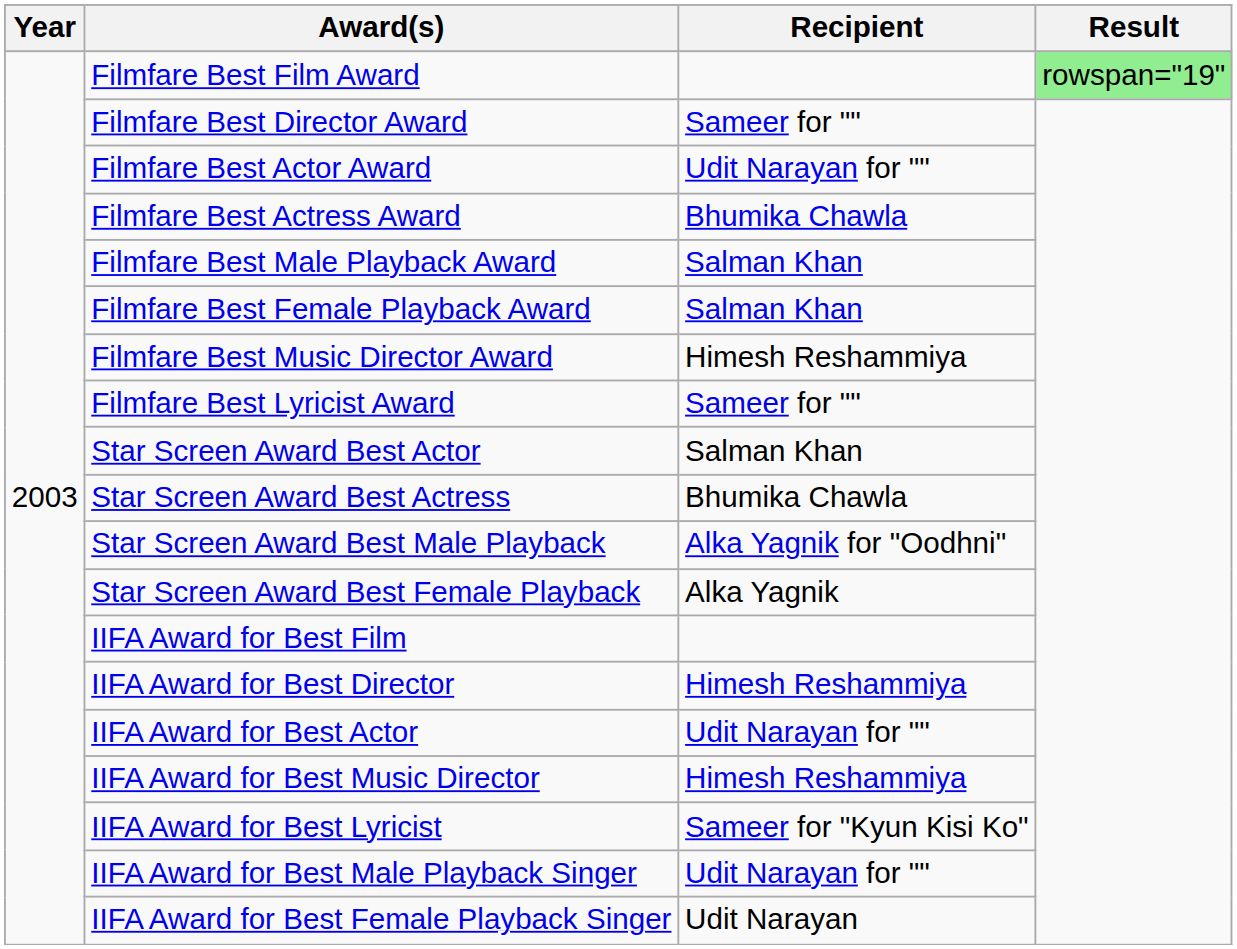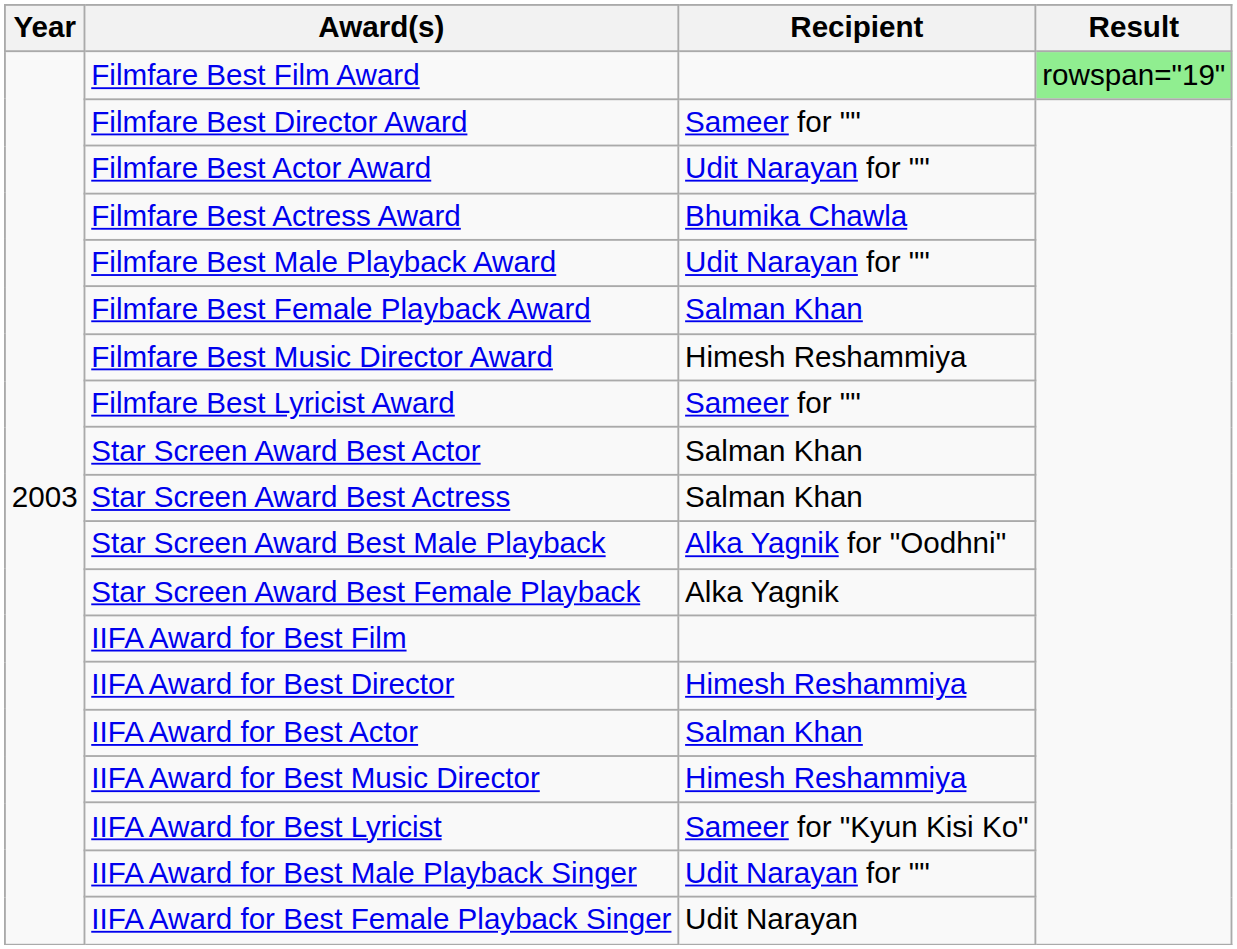 <table class="wikitable sortable">
 <tr>
 <th>Year</th>
 <th>Award(s)</th>
 <th>Recipient</th>
 <th>Result</th>
 </tr>
 <tr>
 <td rowspan=19>2003</td>
 <td><a href='#'>Filmfare Best Film Award</a></td>
 <td></td>
 <td style="background: lightgreen;">rowspan="19"</td>
 </tr>
 <tr>
 <td><a href='#'>Filmfare Best Director Award</a></td>
 <td><a href='#'>Sameer</a> for ""</td>
 </tr>
 <tr>
 <td><a href='#'>Filmfare Best Actor Award</a></td>
 <td><a href='#'>Udit Narayan</a> for ""</td>
 </tr>
 <tr>
 <td><a href='#'>Filmfare Best Actress Award</a></td>
 <td><a href='#'>Bhumika Chawla</a></td>
 </tr>
 <tr>
 <td><a href='#'>Filmfare Best Male Playback Award</a></td>
-<td><a href='#'>Salman Khan</a></td>
+<td><a href='#'>Udit Narayan</a> for ""</td>
 </tr>
 <tr>
 <td><a href='#'>Filmfare Best Female Playback Award</a></td>
 <td><a href='#'>Salman Khan</a></td>
 </tr>
 <tr>
 <td><a href='#'>Filmfare Best Music Director Award</a></td>
 <td>Himesh Reshammiya</td>
 </tr>
 <tr>
 <td><a href='#'>Filmfare Best Lyricist Award</a></td>
 <td><a href='#'>Sameer</a> for ""</td>
 </tr>
 <tr>
 <td><a href='#'>Star Screen Award Best Actor</a></td>
 <td>Salman Khan</td>
 </tr>
 <tr>
 <td><a href='#'>Star Screen Award Best Actress</a></td>
-<td>Bhumika Chawla</td>
+<td>Salman Khan</td>
 </tr>
 <tr>
 <td><a href='#'>Star Screen Award Best Male Playback</a></td>
 <td><a href='#'>Alka Yagnik</a> for "Oodhni"</td>
 </tr>
 <tr>
 <td><a href='#'>Star Screen Award Best Female Playback</a></td>
 <td>Alka Yagnik</td>
 </tr>
 <tr>
 <td><a href='#'>IIFA Award for Best Film</a></td>
 <td></td>
 </tr>
 <tr>
 <td><a href='#'>IIFA Award for Best Director</a></td>
 <td><a href='#'>Himesh Reshammiya</a></td>
 </tr>
 <tr>
 <td><a href='#'>IIFA Award for Best Actor</a></td>
-<td><a href='#'>Udit Narayan</a> for ""</td>
+<td><a href='#'>Salman Khan</a></td>
 </tr>
 <tr>
 <td><a href='#'>IIFA Award for Best Music Director</a></td>
 <td><a href='#'>Himesh Reshammiya</a></td>
 </tr>
 <tr>
 <td><a href='#'>IIFA Award for Best Lyricist</a></td>
 <td><a href='#'>Sameer</a> for "Kyun Kisi Ko"</td>
 </tr>
 <tr>
 <td><a href='#'>IIFA Award for Best Male Playback Singer</a></td>
 <td><a href='#'>Udit Narayan</a> for ""</td>
 </tr>
 <tr>
 <td><a href='#'>IIFA Award for Best Female Playback Singer</a></td>
 <td>Udit Narayan</td>
 </tr>
 </table>
